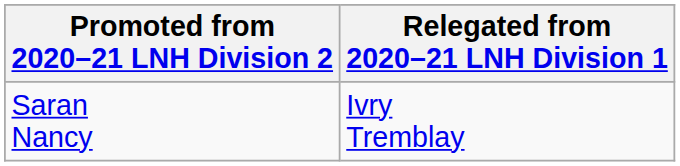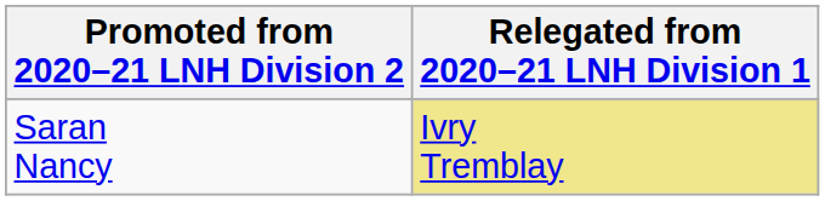 <table class="wikitable">
 <tr>
 <th>Promoted from<br><a href='#'>2020–21 LNH Division 2</a></th>
 <th>Relegated from<br><a href='#'>2020–21 LNH Division 1</a></th>
 </tr>
 <tr>
 <td><a href='#'>Saran</a><br><a href='#'>Nancy</a></td>
-<td><a href='#'>Ivry</a><br><a href='#'>Tremblay</a></td>
+<td style="background: khaki;"><a href='#'>Ivry</a><br><a href='#'>Tremblay</a></td>
 </tr>
 </table>
